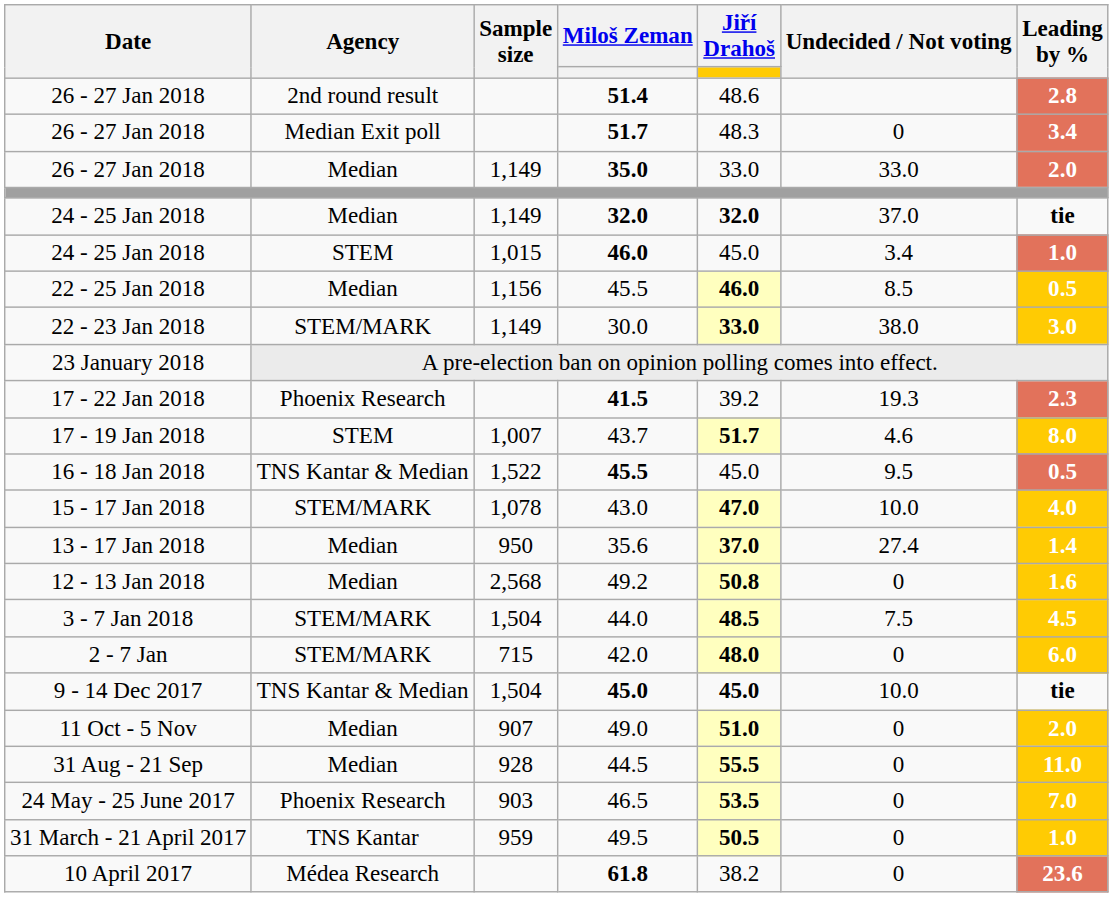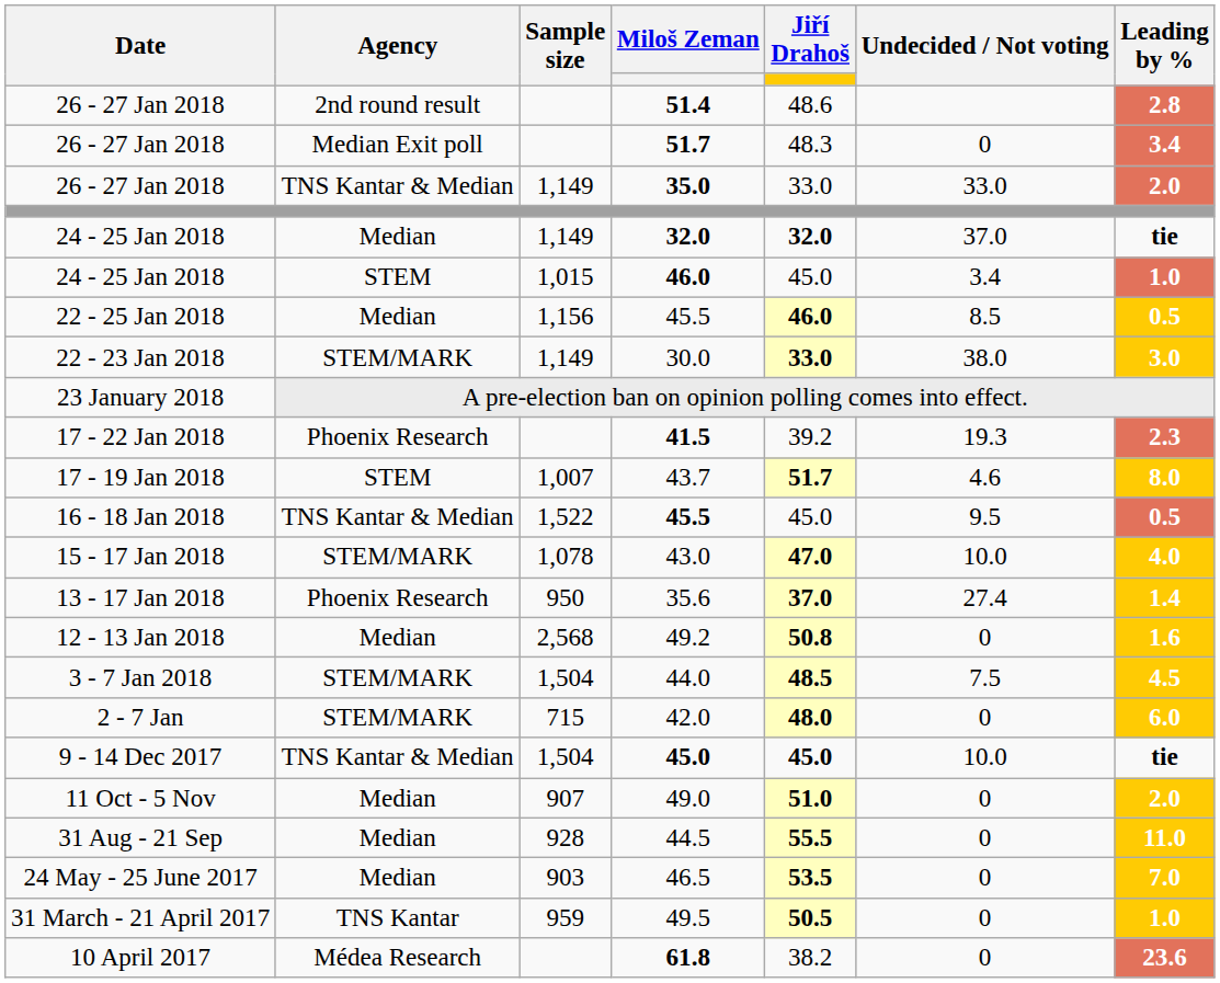 <table class="wikitable" style=text-align:center>
 <tr>
 <th rowspan="2">Date</th>
 <th rowspan="2">Agency</th>
 <th rowspan="2">Sample<br>size</th>
 <th><a href='#'>Miloš Zeman</a></th>
 <th><a href='#'>Jiří Drahoš</a></th>
 <th rowspan="2">Undecided / Not voting</th>
 <th rowspan="2">Leading by %</th>
 </tr>
 <tr>
 <th style="background:"></th>
 <th style="background:#FFCB03; width:40px;"></th>
 </tr>
 <tr>
 <td>26 - 27 Jan 2018</td>
 <td>2nd round result</td>
 <td></td>
 <td><strong>51.4</strong></td>
 <td>48.6</td>
 <td></td>
 <td style="background:#E2725B; width:40px; color:white;"><strong>2.8</strong></td>
 </tr>
 <tr>
 <td>26 - 27 Jan 2018</td>
 <td>Median Exit poll</td>
 <td></td>
 <td><strong>51.7</strong></td>
 <td>48.3</td>
 <td>0</td>
 <td style="background:#E2725B; width:40px; color:white;"><strong>3.4</strong></td>
 </tr>
 <tr>
 <td>26 - 27 Jan 2018</td>
-<td>Median </td>
+<td>TNS Kantar & Median</td>
 <td>1,149</td>
 <td><strong>35.0</strong></td>
 <td>33.0</td>
 <td>33.0</td>
 <td style="background:#E2725B; width:40px; color:white;"><strong>2.0</strong></td>
 </tr>
 <tr>
 <td colspan="7" style="background:#A0A0A0"></td>
 </tr>
 <tr>
 <td>24 - 25 Jan 2018</td>
 <td>Median</td>
 <td>1,149</td>
 <td><strong>32.0</strong></td>
 <td><strong>32.0</strong></td>
 <td>37.0</td>
 <td><strong>tie</strong></td>
 </tr>
 <tr>
 <td>24 - 25 Jan 2018</td>
 <td>STEM</td>
 <td>1,015</td>
 <td><strong>46.0</strong></td>
 <td>45.0</td>
 <td>3.4</td>
 <td style="background:#E2725B; width:40px; color:white;"><strong>1.0</strong></td>
 </tr>
 <tr>
 <td>22 - 25 Jan 2018</td>
 <td>Median</td>
 <td>1,156</td>
 <td>45.5</td>
 <td style="background:#FFFFBF"><strong>46.0</strong></td>
 <td>8.5</td>
 <td style="background:#FFCB03; color:white;"><strong>0.5</strong></td>
 </tr>
 <tr>
 <td>22 - 23 Jan 2018</td>
 <td>STEM/MARK</td>
 <td>1,149</td>
 <td>30.0</td>
 <td style="background:#FFFFBF"><strong>33.0</strong></td>
 <td>38.0</td>
 <td style="background:#FFCB03; color:white;"><strong>3.0</strong></td>
 </tr>
 <tr>
 <td>23 January 2018</td>
 <td colspan="6" style="background: #EBEBEB">A  pre-election ban on opinion polling comes into effect.</td>
 </tr>
 <tr>
 <td>17 - 22 Jan 2018</td>
 <td>Phoenix Research</td>
 <td></td>
 <td><strong>41.5</strong></td>
 <td>39.2</td>
 <td>19.3</td>
 <td style="background:#E2725B; width:40px; color:white;"><strong>2.3</strong></td>
 </tr>
 <tr>
 <td>17 - 19 Jan 2018</td>
 <td>STEM</td>
 <td>1,007</td>
 <td>43.7</td>
 <td style="background:#FFFFBF"><strong>51.7</strong></td>
 <td>4.6</td>
 <td style="background:#FFCB03; color:white;"><strong>8.0</strong></td>
 </tr>
 <tr>
 <td>16 - 18 Jan 2018</td>
 <td>TNS Kantar & Median</td>
 <td>1,522</td>
 <td><strong>45.5</strong></td>
 <td>45.0</td>
 <td>9.5</td>
 <td style="background:#E2725B; width:40px; color:white;"><strong>0.5</strong></td>
 </tr>
 <tr>
 <td>15 - 17 Jan 2018</td>
 <td>STEM/MARK</td>
 <td>1,078</td>
 <td>43.0</td>
 <td style="background:#FFFFBF"><strong>47.0</strong></td>
 <td>10.0</td>
 <td style="background:#FFCB03; color:white;"><strong>4.0</strong></td>
 </tr>
 <tr>
 <td>13 - 17 Jan 2018</td>
-<td>Median</td>
+<td>Phoenix Research</td>
 <td>950</td>
 <td>35.6</td>
 <td style="background:#FFFFBF"><strong>37.0</strong></td>
 <td>27.4</td>
 <td style="background:#FFCB03; color:white;"><strong>1.4</strong></td>
 </tr>
 <tr>
 <td>12 - 13 Jan 2018</td>
 <td>Median</td>
 <td>2,568</td>
 <td>49.2</td>
 <td style="background:#FFFFBF"><strong>50.8</strong></td>
 <td>0</td>
 <td style="background:#FFCB03; color:white;"><strong>1.6</strong></td>
 </tr>
 <tr>
 <td>3 - 7 Jan 2018</td>
 <td>STEM/MARK</td>
 <td>1,504</td>
 <td>44.0</td>
 <td style="background:#FFFFBF"><strong>48.5</strong></td>
 <td>7.5</td>
 <td style="background:#FFCB03; color:white;"><strong>4.5</strong></td>
 </tr>
 <tr>
 <td>2 - 7 Jan</td>
 <td>STEM/MARK</td>
 <td>715</td>
 <td>42.0</td>
 <td style="background:#FFFFBF"><strong>48.0</strong></td>
 <td>0</td>
 <td style="background:#FFCB03; color:white;"><strong>6.0</strong></td>
 </tr>
 <tr>
 <td>9 - 14 Dec 2017</td>
 <td>TNS Kantar & Median</td>
 <td>1,504</td>
 <td><strong>45.0</strong></td>
 <td><strong>45.0</strong></td>
 <td>10.0</td>
 <td><strong>tie</strong></td>
 </tr>
 <tr>
 <td>11 Oct - 5 Nov</td>
 <td>Median</td>
 <td>907</td>
 <td>49.0</td>
 <td style="background:#FFFFBF"><strong>51.0</strong></td>
 <td>0</td>
 <td style="background:#FFCB03; color:white;"><strong>2.0</strong></td>
 </tr>
 <tr>
 <td>31 Aug - 21 Sep</td>
 <td>Median</td>
 <td>928</td>
 <td>44.5</td>
 <td style="background:#FFFFBF"><strong>55.5</strong></td>
 <td>0</td>
 <td style="background:#FFCB03; color:white;"><strong>11.0</strong></td>
 </tr>
 <tr>
 <td>24 May - 25 June 2017</td>
-<td>Phoenix Research</td>
+<td>Median</td>
 <td>903</td>
 <td>46.5</td>
 <td style="background:#FFFFBF"><strong>53.5</strong></td>
 <td>0</td>
 <td style="background:#FFCB03; color:white;"><strong>7.0</strong></td>
 </tr>
 <tr>
 <td>31 March - 21 April 2017</td>
 <td>TNS Kantar</td>
 <td>959</td>
 <td>49.5</td>
 <td style="background:#FFFFBF"><strong>50.5</strong></td>
 <td>0</td>
 <td style="background:#FFCB03; color:white;"><strong>1.0</strong></td>
 </tr>
 <tr>
 <td>10 April 2017</td>
 <td>Médea Research</td>
 <td></td>
 <td><strong>61.8</strong></td>
 <td>38.2</td>
 <td>0</td>
 <td style="background:#E2725B; width:40px; color:white;"><strong>23.6</strong></td>
 </tr>
 </table>
